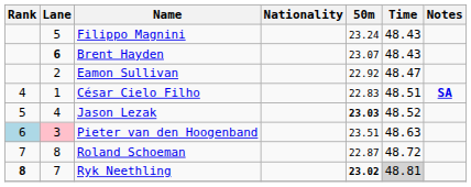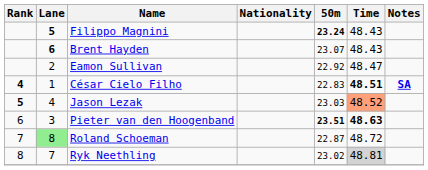 <table class="wikitable sortable" style="text-align:center">
 <tr>
 <th>Rank</th>
 <th>Lane</th>
 <th>Name</th>
 <th>Nationality</th>
 <th>50m</th>
 <th>Time</th>
 <th>Notes</th>
 </tr>
 <tr>
 <td></td>
-<td>5</td>
+<td><strong>5</strong></td>
 <td align="left"><a href='#'>Filippo Magnini</a></td>
 <td align="left"></td>
-<td><small>23.24</small></td>
+<td><strong><small>23.24</small></strong></td>
 <td>48.43</td>
 <td></td>
 </tr>
 <tr>
 <td></td>
 <td><strong>6</strong></td>
 <td align="left"><a href='#'>Brent Hayden</a></td>
 <td align="left"></td>
 <td><small>23.07</small></td>
 <td>48.43</td>
 <td></td>
 </tr>
 <tr>
 <td></td>
 <td>2</td>
 <td align="left"><a href='#'>Eamon Sullivan</a></td>
 <td align="left"></td>
 <td><small>22.92</small></td>
 <td>48.47</td>
 <td></td>
 </tr>
 <tr>
-<td>4</td>
+<td><strong>4</strong></td>
 <td>1</td>
 <td align="left"><a href='#'>César Cielo Filho</a></td>
 <td align="left"></td>
 <td><small>22.83</small></td>
-<td>48.51</td>
+<td><strong>48.51</strong></td>
 <td><strong><a href='#'>SA</a></strong></td>
 </tr>
 <tr>
-<td>5</td>
+<td><strong>5</strong></td>
 <td>4</td>
 <td align="left"><a href='#'>Jason Lezak</a></td>
 <td align="left"></td>
-<td><strong><small>23.03</small></strong></td>
-<td>48.52</td>
+<td><small>23.03</small></td>
+<td style="background: lightsalmon;">48.52</td>
 <td></td>
 </tr>
 <tr>
-<td style="background: lightblue;">6</td>
-<td style="background: pink;">3</td>
+<td>6</td>
+<td>3</td>
 <td align="left"><a href='#'>Pieter van den Hoogenband</a></td>
 <td align="left"></td>
-<td><small>23.51</small></td>
-<td>48.63</td>
+<td><strong><small>23.51</small></strong></td>
+<td><strong>48.63</strong></td>
 <td></td>
 </tr>
 <tr>
 <td>7</td>
-<td>8</td>
+<td style="background: lightgreen;">8</td>
 <td align="left"><a href='#'>Roland Schoeman</a></td>
 <td align="left"></td>
 <td><small>22.87</small></td>
 <td>48.72</td>
 <td></td>
 </tr>
 <tr>
-<td><strong>8</strong></td>
+<td>8</td>
 <td>7</td>
 <td align="left"><a href='#'>Ryk Neethling</a></td>
 <td align="left"></td>
-<td><strong><small>23.02</small></strong></td>
+<td><small>23.02</small></td>
 <td style="background: lightgrey;">48.81</td>
 <td></td>
 </tr>
 <tr>
 </tr>
 </table>
